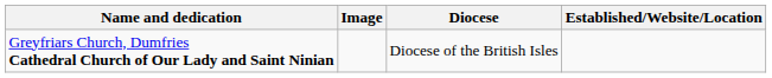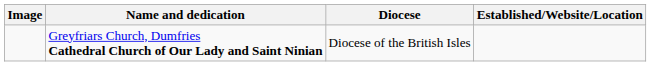 <table class="wikitable">
 <tr>
+<th>Image</th>
 <th>Name and dedication</th>
-<th>Image</th>
 <th>Diocese</th>
 <th>Established/Website/Location</th>
 </tr>
 <tr>
+<td></td>
 <td><a href='#'>Greyfriars Church, Dumfries</a><br><strong>Cathedral Church of Our Lady and Saint Ninian</strong></td>
-<td></td>
 <td>Diocese of the British Isles</td>
 <td></td>
 </tr>
 </table>
